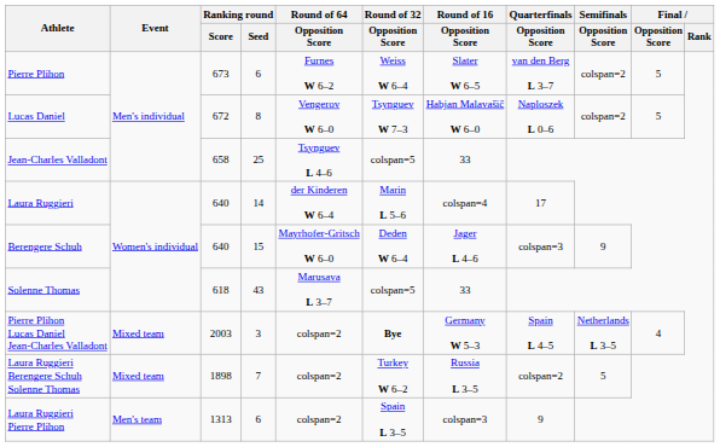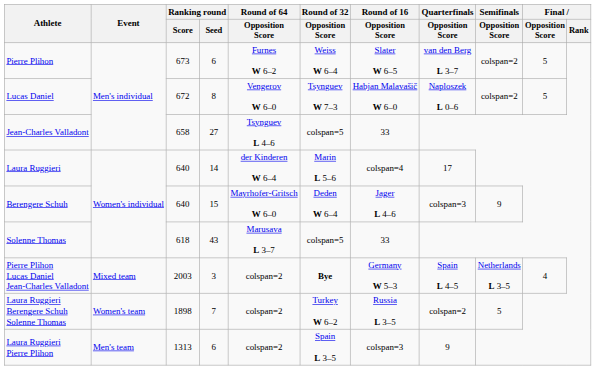 <table class="wikitable" style="font-size:90%">
 <tr>
 <th rowspan=2>Athlete</th>
 <th rowspan=2>Event</th>
 <th colspan=2>Ranking round</th>
 <th>Round of 64</th>
 <th>Round of 32</th>
 <th>Round of 16</th>
 <th>Quarterfinals</th>
 <th>Semifinals</th>
 <th colspan=2>Final / </th>
 </tr>
 <tr style="font-size:95%">
 <th>Score</th>
 <th>Seed</th>
 <th>Opposition<br>Score</th>
 <th>Opposition<br>Score</th>
 <th>Opposition<br>Score</th>
 <th>Opposition<br>Score</th>
 <th>Opposition<br>Score</th>
 <th>Opposition<br>Score</th>
 <th>Rank</th>
 </tr>
 <tr align=center>
 <td align=left><a href='#'>Pierre Plihon</a></td>
 <td style="text-align:left;" rowspan="3"><a href='#'>Men's individual</a></td>
 <td>673</td>
 <td>6</td>
 <td><a href='#'>Furnes</a><br><br> <strong>W</strong> 6–2</td>
 <td><a href='#'>Weiss</a><br><br> <strong>W</strong> 6–4</td>
 <td><a href='#'>Slater</a><br><br> <strong>W</strong> 6–5</td>
 <td><a href='#'>van den Berg</a><br><br> <strong>L</strong> 3–7</td>
 <td>colspan=2 </td>
 <td>5</td>
 </tr>
 <tr align=center>
 <td align=left><a href='#'>Lucas Daniel</a></td>
 <td>672</td>
 <td>8</td>
 <td><a href='#'>Vengerov</a><br><br><strong>W</strong> 6–0</td>
 <td><a href='#'>Tsynguev</a><br><br><strong>W</strong> 7–3</td>
 <td><a href='#'>Habjan Malavašič</a><br><br><strong>W</strong> 6–0</td>
 <td><a href='#'>Naploszek</a><br><br><strong>L</strong> 0–6</td>
 <td>colspan=2 </td>
 <td>5</td>
 </tr>
 <tr align=center>
 <td align=left><a href='#'>Jean-Charles Valladont</a></td>
 <td>658</td>
-<td>25</td>
+<td>27</td>
 <td><a href='#'>Tsynguev</a><br><br><strong>L</strong> 4–6</td>
 <td>colspan=5 </td>
 <td>33</td>
 </tr>
 <tr align=center>
 <td align=left><a href='#'>Laura Ruggieri</a></td>
 <td style="text-align:left;" rowspan="3"><a href='#'>Women's individual</a></td>
 <td>640</td>
 <td>14</td>
 <td><a href='#'>der Kinderen</a><br><br> <strong>W</strong> 6–4</td>
 <td><a href='#'>Marin</a><br><br> <strong>L</strong> 5–6</td>
 <td>colspan=4 </td>
 <td>17</td>
 </tr>
 <tr align=center>
 <td align=left><a href='#'>Berengere Schuh</a></td>
 <td>640</td>
 <td>15</td>
 <td><a href='#'>Mayrhofer-Gritsch</a><br><br><strong>W</strong> 6–0</td>
 <td><a href='#'>Deden</a><br><br> <strong>W</strong> 6–4</td>
 <td><a href='#'>Jager</a><br><br> <strong>L</strong> 4–6</td>
 <td>colspan=3 </td>
 <td>9</td>
 </tr>
 <tr align=center>
 <td align=left><a href='#'>Solenne Thomas</a></td>
 <td>618</td>
 <td>43</td>
 <td><a href='#'>Marusava</a><br><br> <strong>L</strong> 3–7</td>
 <td>colspan=5 </td>
 <td>33</td>
 </tr>
 <tr align=center>
 <td align=left><a href='#'>Pierre Plihon</a><br><a href='#'>Lucas Daniel</a><br><a href='#'>Jean-Charles Valladont</a></td>
 <td align=left><a href='#'>Mixed team</a></td>
 <td>2003</td>
 <td>3</td>
 <td>colspan=2 </td>
 <td><strong>Bye</strong></td>
 <td><a href='#'>Germany</a><br><br> <strong>W</strong> 5–3</td>
 <td><a href='#'>Spain</a><br><br> <strong>L</strong> 4–5</td>
 <td><a href='#'>Netherlands</a><br><br> <strong>L</strong> 3–5</td>
 <td>4</td>
 </tr>
 <tr align=center>
 <td align=left><a href='#'>Laura Ruggieri</a><br><a href='#'>Berengere Schuh</a><br><a href='#'>Solenne Thomas</a></td>
-<td align=left><a href='#'>Mixed team</a></td>
+<td align=left><a href='#'>Women's team</a></td>
 <td>1898</td>
 <td>7</td>
 <td>colspan=2 </td>
 <td><a href='#'>Turkey</a><br><br> <strong>W</strong> 6–2</td>
 <td><a href='#'>Russia</a><br><br> <strong>L</strong> 3–5</td>
 <td>colspan=2 </td>
 <td>5</td>
 </tr>
 <tr align=center>
 <td align=left><a href='#'>Laura Ruggieri</a><br><a href='#'>Pierre Plihon</a></td>
 <td align=left><a href='#'>Men's team</a></td>
 <td>1313</td>
 <td>6</td>
 <td>colspan=2 </td>
 <td><a href='#'>Spain</a><br><br> <strong>L</strong> 3–5</td>
 <td>colspan=3 </td>
 <td>9</td>
 </tr>
 </table>
